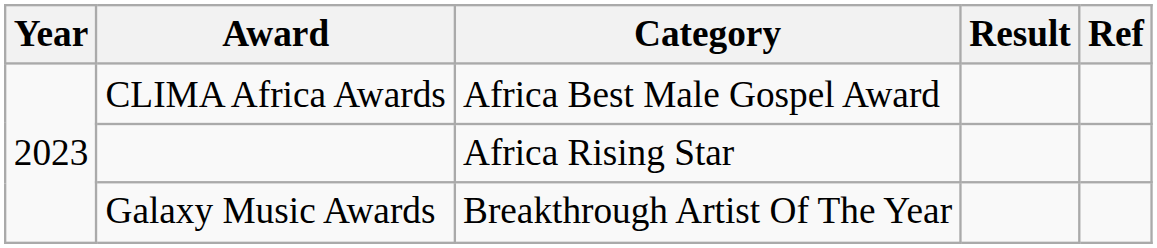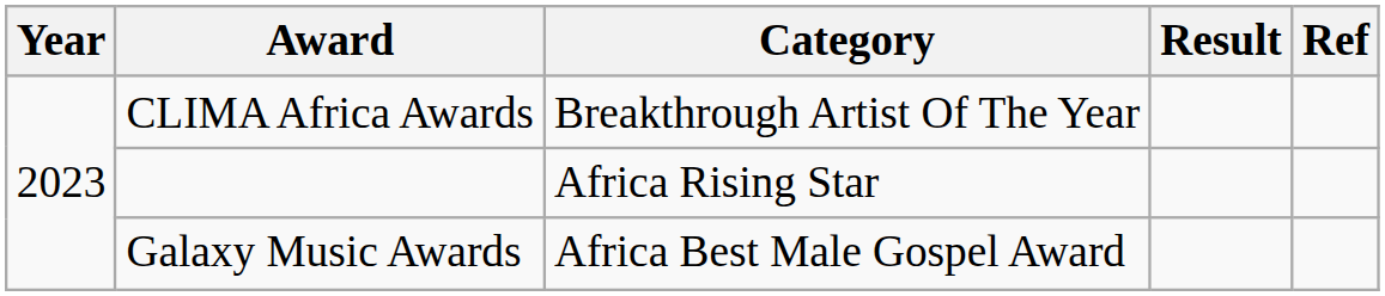 <table class="wikitable">
 <tr>
 <th>Year</th>
 <th>Award</th>
 <th>Category</th>
 <th>Result</th>
 <th>Ref</th>
 </tr>
 <tr>
 <td rowspan="3">2023</td>
 <td>CLIMA Africa Awards</td>
-<td>Africa Best Male Gospel Award</td>
+<td>Breakthrough Artist Of The Year</td>
 <td></td>
 <td></td>
 </tr>
 <tr>
 <td></td>
 <td>Africa Rising Star</td>
 <td></td>
 <td></td>
 </tr>
 <tr>
 <td>Galaxy Music Awards</td>
-<td>Breakthrough Artist Of The Year</td>
+<td>Africa Best Male Gospel Award</td>
 <td></td>
 <td></td>
 </tr>
 </table>
